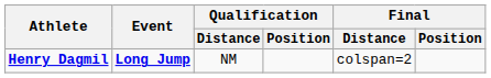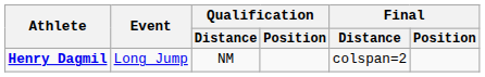 <table class=wikitable style=font-size:90%>
 <tr>
 <th rowspan=2>Athlete</th>
 <th rowspan=2>Event</th>
 <th colspan=2>Qualification</th>
 <th colspan=2>Final</th>
 </tr>
 <tr style=font-size:95%>
 <th>Distance</th>
 <th>Position</th>
 <th>Distance</th>
 <th>Position</th>
 </tr>
 <tr align=center>
 <td align=left><strong><a href='#'>Henry Dagmil</a></strong></td>
-<td align=left><strong><a href='#'>Long Jump</a></strong></td>
+<td align=left><a href='#'>Long Jump</a></td>
 <td>NM</td>
 <td></td>
 <td>colspan=2 </td>
 </tr>
 </table>
